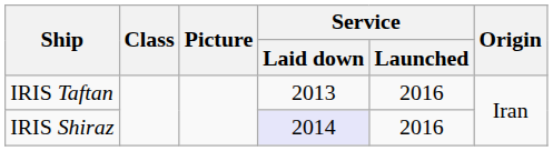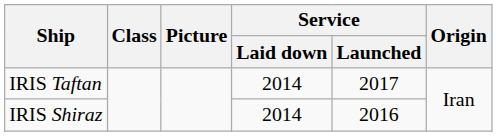 <table class="wikitable" style="text-align:center;">
 <tr>
 <th rowspan=2>Ship</th>
 <th rowspan=2>Class</th>
 <th rowspan=2>Picture</th>
 <th colspan=2>Service</th>
 <th rowspan=2>Origin</th>
 </tr>
 <tr>
 <th>Laid down</th>
 <th>Launched</th>
 </tr>
 <tr>
 <td style="text-align:left">IRIS <em>Taftan</em></td>
 <td rowspan="2"></td>
 <td rowspan="2"></td>
-<td>2013</td>
-<td>2016</td>
+<td>2014</td>
+<td>2017</td>
 <td rowspan="2">Iran</td>
 </tr>
 <tr>
 <td style="text-align:left">IRIS <em>Shiraz</em></td>
-<td style="background: lavender;">2014</td>
+<td>2014</td>
 <td>2016</td>
 </tr>
 </table>
